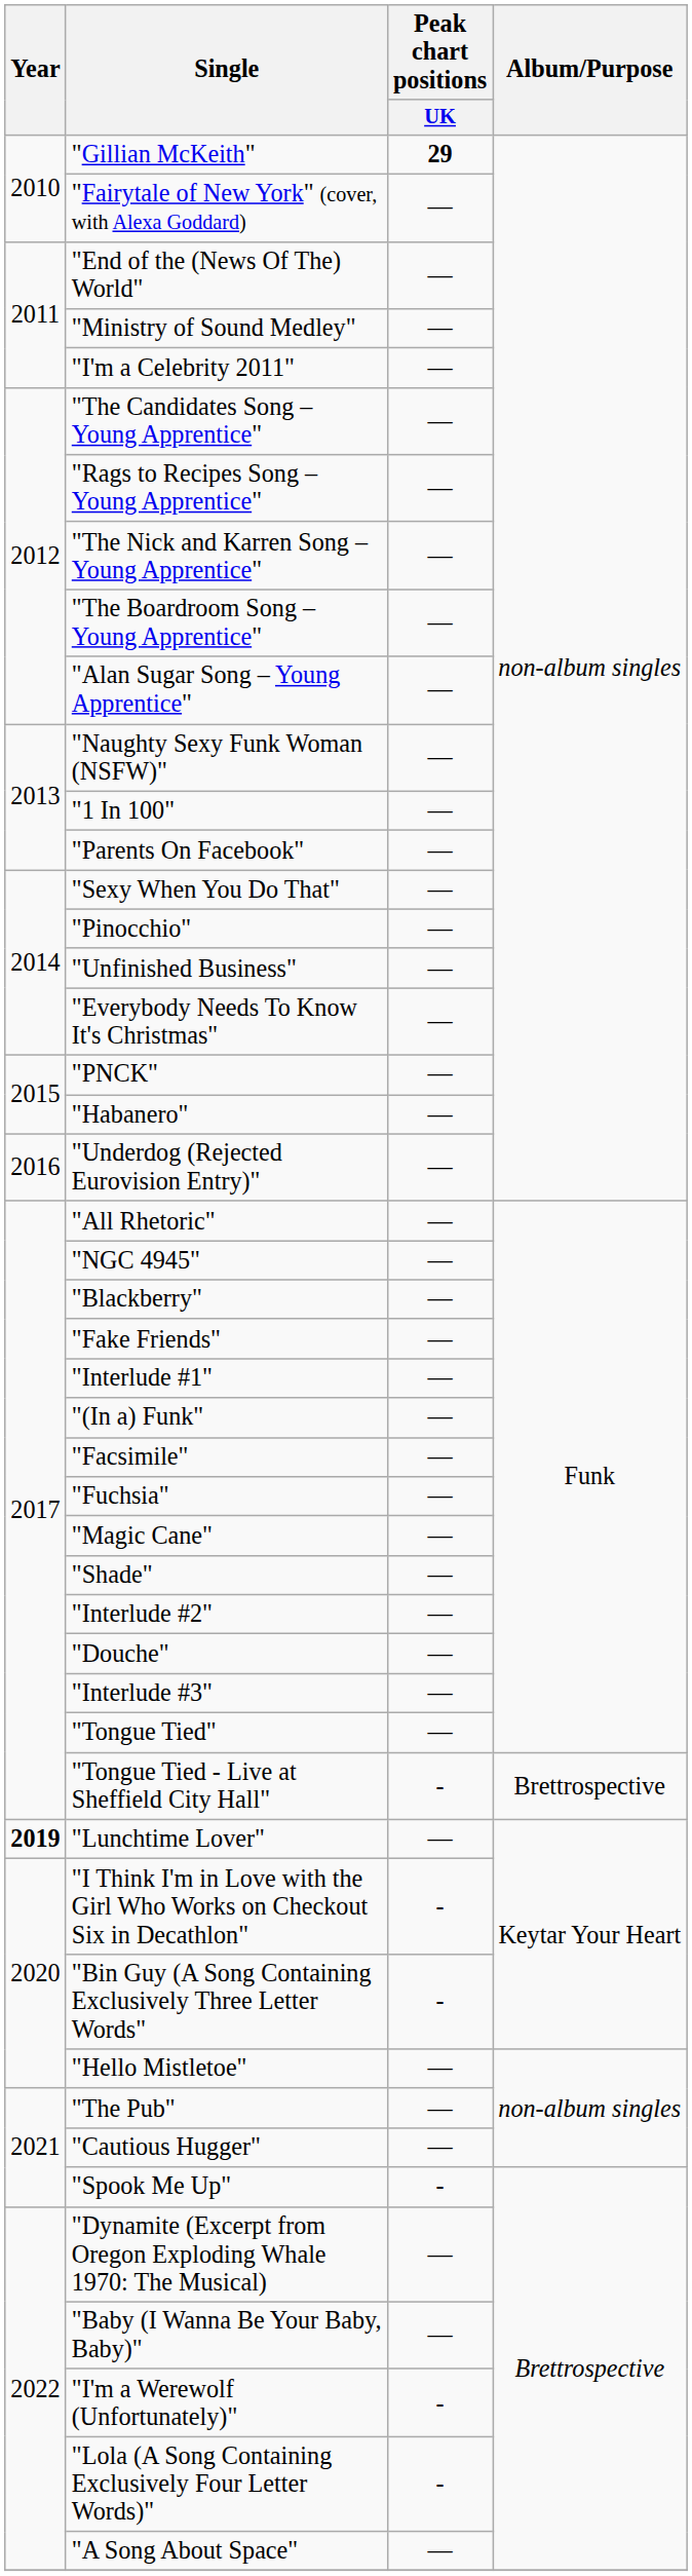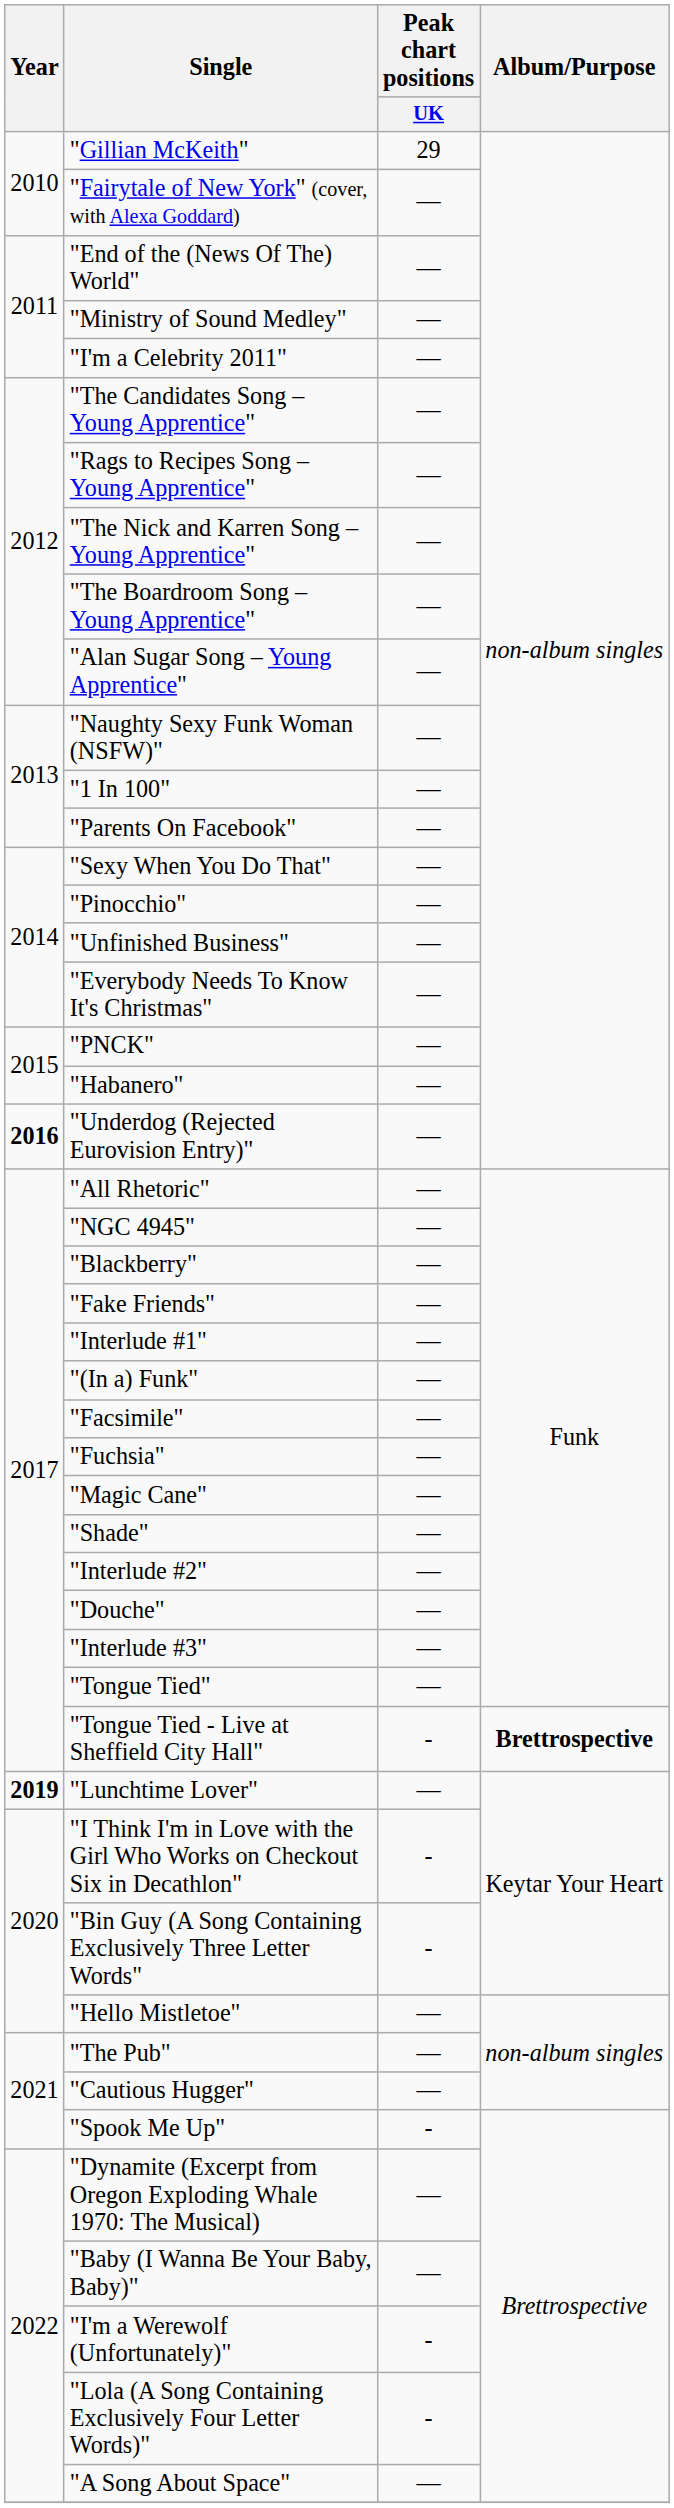 <table class="wikitable" style=text-align:center;>
 <tr>
 <th rowspan="2">Year</th>
 <th rowspan="2" style="width:200px;">Single</th>
 <th>Peak chart positions</th>
 <th rowspan="2">Album/Purpose</th>
 </tr>
 <tr>
 <th style="width:3em;font-size:85%;"><a href='#'>UK</a></th>
 </tr>
 <tr>
 <td rowspan="2">2010</td>
 <td align="left">"<a href='#'>Gillian McKeith</a>"</td>
-<td style="text-align:center;"><strong>29</strong></td>
+<td style="text-align:center;">29</td>
 <td rowspan="20" style="text-align:center;"><em>non-album singles</em></td>
 </tr>
 <tr>
 <td align="left">"<a href='#'>Fairytale of New York</a>" <small>(cover, with <a href='#'>Alexa Goddard</a>)</small></td>
 <td style="text-align:center;">—</td>
 </tr>
 <tr>
 <td rowspan="3">2011</td>
 <td align="left">"End of the (News Of The) World"</td>
 <td style="text-align:center;">—</td>
 </tr>
 <tr>
 <td align="left">"Ministry of Sound Medley"</td>
 <td style="text-align:center;">—</td>
 </tr>
 <tr>
 <td align="left">"I'm a Celebrity 2011"</td>
 <td style="text-align:center;">—</td>
 </tr>
 <tr>
 <td rowspan="5">2012</td>
 <td align="left">"The Candidates Song – <a href='#'>Young Apprentice</a>"</td>
 <td style="text-align:center;">—</td>
 </tr>
 <tr>
 <td align="left">"Rags to Recipes Song – <a href='#'>Young Apprentice</a>"</td>
 <td style="text-align:center;">—</td>
 </tr>
 <tr>
 <td align="left">"The Nick and Karren Song – <a href='#'>Young Apprentice</a>"</td>
 <td style="text-align:center;">—</td>
 </tr>
 <tr>
 <td align="left">"The Boardroom Song – <a href='#'>Young Apprentice</a>"</td>
 <td style="text-align:center;">—</td>
 </tr>
 <tr>
 <td align="left">"Alan Sugar Song – <a href='#'>Young Apprentice</a>"</td>
 <td style="text-align:center;">—</td>
 </tr>
 <tr>
 <td rowspan="3">2013</td>
 <td align="left">"Naughty Sexy Funk Woman (NSFW)"</td>
 <td style="text-align:center;">—</td>
 </tr>
 <tr>
 <td align="left">"1 In 100"</td>
 <td style="text-align:center;">—</td>
 </tr>
 <tr>
 <td align="left">"Parents On Facebook"</td>
 <td style="text-align:center;">—</td>
 </tr>
 <tr>
 <td rowspan="4">2014</td>
 <td align="left">"Sexy When You Do That"</td>
 <td style="text-align:center;">—</td>
 </tr>
 <tr>
 <td align="left">"Pinocchio"</td>
 <td style="text-align:center;">—</td>
 </tr>
 <tr>
 <td align="left">"Unfinished Business"</td>
 <td style="text-align:center;">—</td>
 </tr>
 <tr>
 <td align="left">"Everybody Needs To Know It's Christmas"</td>
 <td style="text-align:center;">—</td>
 </tr>
 <tr>
 <td rowspan="2">2015</td>
 <td align="left">"PNCK"</td>
 <td style="text-align:center;">—</td>
 </tr>
 <tr>
 <td align="left">"Habanero"</td>
 <td style="text-align:center;">—</td>
 </tr>
 <tr>
-<td rowspan="1">2016</td>
+<td rowspan="1"><strong>2016</strong></td>
 <td align="left">"Underdog (Rejected Eurovision Entry)"</td>
 <td style="text-align:center;">—</td>
 </tr>
 <tr>
 <td rowspan="15">2017</td>
 <td align="left">"All Rhetoric"</td>
 <td>—</td>
 <td rowspan="14">Funk</td>
 </tr>
 <tr>
 <td align="left">"NGC 4945"</td>
 <td>—</td>
 </tr>
 <tr>
 <td align="left">"Blackberry"</td>
 <td>—</td>
 </tr>
 <tr>
 <td align="left">"Fake Friends"</td>
 <td>—</td>
 </tr>
 <tr>
 <td align="left">"Interlude #1"</td>
 <td>—</td>
 </tr>
 <tr>
 <td align="left">"(In a) Funk"</td>
 <td>—</td>
 </tr>
 <tr>
 <td align="left">"Facsimile"</td>
 <td>—</td>
 </tr>
 <tr>
 <td align="left">"Fuchsia"</td>
 <td>—</td>
 </tr>
 <tr>
 <td align="left">"Magic Cane"</td>
 <td>—</td>
 </tr>
 <tr>
 <td align="left">"Shade"</td>
 <td>—</td>
 </tr>
 <tr>
 <td align="left">"Interlude #2"</td>
 <td>—</td>
 </tr>
 <tr>
 <td align="left">"Douche"</td>
 <td>—</td>
 </tr>
 <tr>
 <td align="left">"Interlude #3"</td>
 <td>—</td>
 </tr>
 <tr>
 <td align="left">"Tongue Tied"</td>
 <td>—</td>
 </tr>
 <tr>
 <td align="left">"Tongue Tied - Live at Sheffield City Hall"</td>
 <td style="text-align:center;">-</td>
-<td>Brettrospective</td>
+<td><strong>Brettrospective</strong></td>
 </tr>
 <tr>
 <td><strong>2019</strong></td>
 <td align="left">"Lunchtime Lover"</td>
 <td>—</td>
 <td rowspan="3">Keytar Your Heart</td>
 </tr>
 <tr>
 <td rowspan="3">2020</td>
 <td align="left">"I Think I'm in Love with the Girl Who Works on Checkout Six in Decathlon"</td>
 <td style="text-align:center;">-</td>
 </tr>
 <tr>
 <td align="left">"Bin Guy (A Song Containing Exclusively Three Letter Words"</td>
 <td style="text-align:center;">-</td>
 </tr>
 <tr>
 <td align="left">"Hello Mistletoe"</td>
 <td style="text-align:center;">—</td>
 <td rowspan="3" style="text-align:center;"><em>non-album singles</em></td>
 </tr>
 <tr>
 <td rowspan="3">2021</td>
 <td align="left">"The Pub"</td>
 <td style="text-align:center;">—</td>
 </tr>
 <tr>
 <td align="left">"Cautious Hugger"</td>
 <td style="text-align:center;">—</td>
 </tr>
 <tr>
 <td align="left">"Spook Me Up"</td>
 <td style="text-align:center;">-</td>
 <td rowspan="6"><em>Brettrospective</em></td>
 </tr>
 <tr>
 <td rowspan="5">2022</td>
 <td align="left">"Dynamite (Excerpt from Oregon Exploding Whale 1970: The Musical)</td>
 <td style="text-align:center;">—</td>
 </tr>
 <tr>
 <td align="left">"Baby (I Wanna Be Your Baby, Baby)"</td>
 <td style="text-align:center;">—</td>
 </tr>
 <tr>
 <td align="left">"I'm a Werewolf (Unfortunately)"</td>
 <td style="text-align:center;">-</td>
 </tr>
 <tr>
 <td align="left">"Lola (A Song Containing Exclusively Four Letter Words)"</td>
 <td style="text-align:center;">-</td>
 </tr>
 <tr>
 <td align="left">"A Song About Space"</td>
 <td style="text-align:center;">—</td>
 </tr>
 <tr>
 </tr>
 </table>
